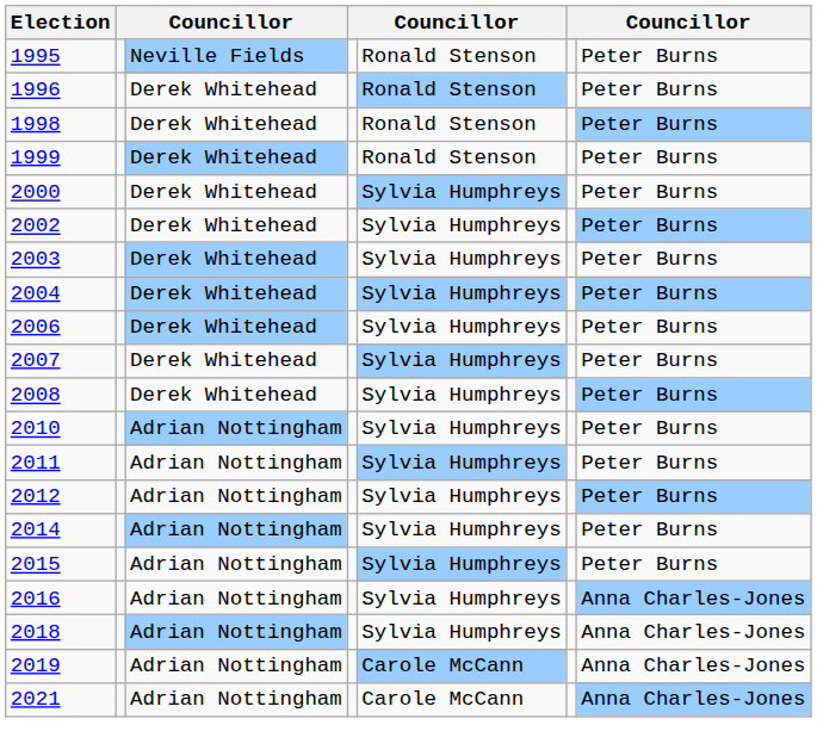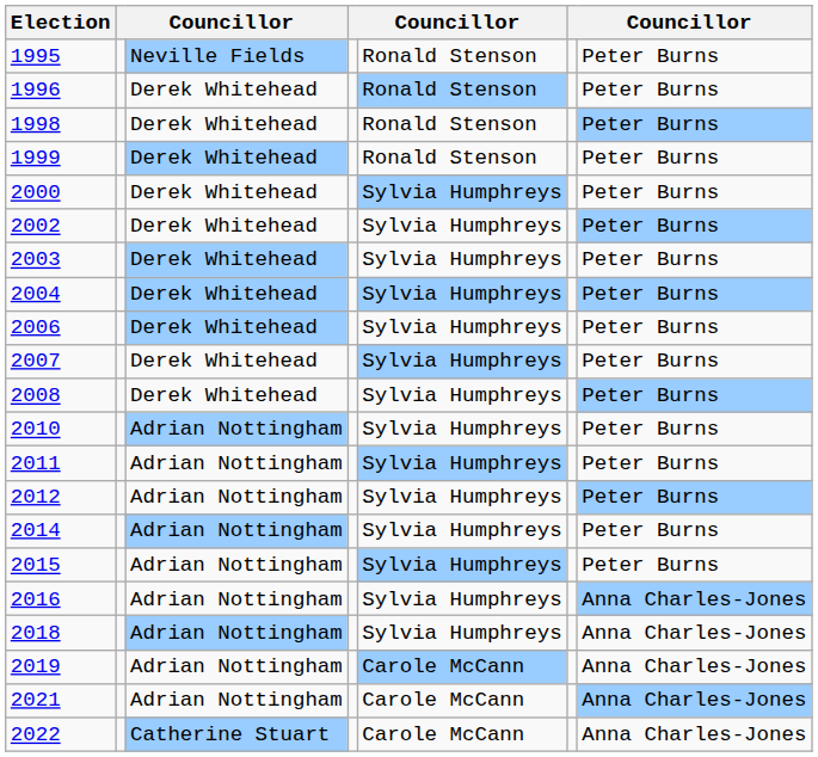 <table class="wikitable">
 <tr>
 <th>Election</th>
 <th colspan="2">Councillor</th>
 <th colspan="2">Councillor</th>
 <th colspan="2">Councillor</th>
 </tr>
 <tr>
 <td><a href='#'>1995</a></td>
 <td style="background-color: "></td>
 <td bgcolor="#99CCFF">Neville Fields</td>
 <td style="background-color: "></td>
 <td>Ronald Stenson</td>
 <td style="background-color: "></td>
 <td>Peter Burns</td>
 </tr>
 <tr>
 <td><a href='#'>1996</a></td>
 <td style="background-color: "></td>
 <td>Derek Whitehead</td>
 <td style="background-color: "></td>
 <td bgcolor="#99CCFF">Ronald Stenson</td>
 <td style="background-color: "></td>
 <td>Peter Burns</td>
 </tr>
 <tr>
 <td><a href='#'>1998</a></td>
 <td style="background-color: "></td>
 <td>Derek Whitehead</td>
 <td style="background-color: "></td>
 <td>Ronald Stenson</td>
 <td style="background-color: "></td>
 <td bgcolor="#99CCFF">Peter Burns</td>
 </tr>
 <tr>
 <td><a href='#'>1999</a></td>
 <td style="background-color: "></td>
 <td bgcolor="#99CCFF">Derek Whitehead</td>
 <td style="background-color: "></td>
 <td>Ronald Stenson</td>
 <td style="background-color: "></td>
 <td>Peter Burns</td>
 </tr>
 <tr>
 <td><a href='#'>2000</a></td>
 <td style="background-color: "></td>
 <td>Derek Whitehead</td>
 <td style="background-color: "></td>
 <td bgcolor="#99CCFF">Sylvia Humphreys</td>
 <td style="background-color: "></td>
 <td>Peter Burns</td>
 </tr>
 <tr>
 <td><a href='#'>2002</a></td>
 <td style="background-color: "></td>
 <td>Derek Whitehead</td>
 <td style="background-color: "></td>
 <td>Sylvia Humphreys</td>
 <td style="background-color: "></td>
 <td bgcolor="#99CCFF">Peter Burns</td>
 </tr>
 <tr>
 <td><a href='#'>2003</a></td>
 <td style="background-color: "></td>
 <td bgcolor="#99CCFF">Derek Whitehead</td>
 <td style="background-color: "></td>
 <td>Sylvia Humphreys</td>
 <td style="background-color: "></td>
 <td>Peter Burns</td>
 </tr>
 <tr>
 <td><a href='#'>2004</a></td>
 <td style="background-color: "></td>
 <td bgcolor="#99CCFF">Derek Whitehead</td>
 <td style="background-color: "></td>
 <td bgcolor="#99CCFF">Sylvia Humphreys</td>
 <td style="background-color: "></td>
 <td bgcolor="#99CCFF">Peter Burns</td>
 </tr>
 <tr>
 <td><a href='#'>2006</a></td>
 <td style="background-color: "></td>
 <td bgcolor="#99CCFF">Derek Whitehead</td>
 <td style="background-color: "></td>
 <td>Sylvia Humphreys</td>
 <td style="background-color: "></td>
 <td>Peter Burns</td>
 </tr>
 <tr>
 <td><a href='#'>2007</a></td>
 <td style="background-color: "></td>
 <td>Derek Whitehead</td>
 <td style="background-color: "></td>
 <td bgcolor="#99CCFF">Sylvia Humphreys</td>
 <td style="background-color: "></td>
 <td>Peter Burns</td>
 </tr>
 <tr>
 <td><a href='#'>2008</a></td>
 <td style="background-color: "></td>
 <td>Derek Whitehead</td>
 <td style="background-color: "></td>
 <td>Sylvia Humphreys</td>
 <td style="background-color: "></td>
 <td bgcolor="#99CCFF">Peter Burns</td>
 </tr>
 <tr>
 <td><a href='#'>2010</a></td>
 <td style="background-color: "></td>
 <td bgcolor="#99CCFF">Adrian Nottingham</td>
 <td style="background-color: "></td>
 <td>Sylvia Humphreys</td>
 <td style="background-color: "></td>
 <td>Peter Burns</td>
 </tr>
 <tr>
 <td><a href='#'>2011</a></td>
 <td style="background-color: "></td>
 <td>Adrian Nottingham</td>
 <td style="background-color: "></td>
 <td bgcolor="#99CCFF">Sylvia Humphreys</td>
 <td style="background-color: "></td>
 <td>Peter Burns</td>
 </tr>
 <tr>
 <td><a href='#'>2012</a></td>
 <td style="background-color: "></td>
 <td>Adrian Nottingham</td>
 <td style="background-color: "></td>
 <td>Sylvia Humphreys</td>
 <td style="background-color: "></td>
 <td bgcolor="#99CCFF">Peter Burns</td>
 </tr>
 <tr>
 <td><a href='#'>2014</a></td>
 <td style="background-color: "></td>
 <td bgcolor="#99CCFF">Adrian Nottingham</td>
 <td style="background-color: "></td>
 <td>Sylvia Humphreys</td>
 <td style="background-color: "></td>
 <td>Peter Burns</td>
 </tr>
 <tr>
 <td><a href='#'>2015</a></td>
 <td style="background-color: "></td>
 <td>Adrian Nottingham</td>
 <td style="background-color: "></td>
 <td bgcolor="#99CCFF">Sylvia Humphreys</td>
 <td style="background-color: "></td>
 <td>Peter Burns</td>
 </tr>
 <tr>
 <td><a href='#'>2016</a></td>
 <td style="background-color: "></td>
 <td>Adrian Nottingham</td>
 <td style="background-color: "></td>
 <td>Sylvia Humphreys</td>
 <td style="background-color: "></td>
 <td bgcolor="#99CCFF">Anna Charles-Jones</td>
 </tr>
 <tr>
 <td><a href='#'>2018</a></td>
 <td style="background-color: "></td>
 <td bgcolor="#99CCFF">Adrian Nottingham</td>
 <td style="background-color: "></td>
 <td>Sylvia Humphreys</td>
 <td style="background-color: "></td>
 <td>Anna Charles-Jones</td>
 </tr>
 <tr>
 <td><a href='#'>2019</a></td>
 <td style="background-color: "></td>
 <td>Adrian Nottingham</td>
 <td style="background-color: "></td>
 <td bgcolor="#99CCFF">Carole McCann</td>
 <td style="background-color: "></td>
 <td>Anna Charles-Jones</td>
 </tr>
 <tr>
 <td><a href='#'>2021</a></td>
 <td style="background-color: "></td>
 <td>Adrian Nottingham</td>
 <td style="background-color: "></td>
 <td>Carole McCann</td>
 <td style="background-color: "></td>
 <td bgcolor="#99CCFF">Anna Charles-Jones</td>
 </tr>
+<tr>
+<td><a href='#'>2022</a></td>
+<td style="background-color: "></td>
+<td bgcolor="#99CCFF">Catherine Stuart</td>
+<td style="background-color: "></td>
+<td>Carole McCann</td>
+<td style="background-color: "></td>
+<td>Anna Charles-Jones</td>
+</tr>
 </table>
